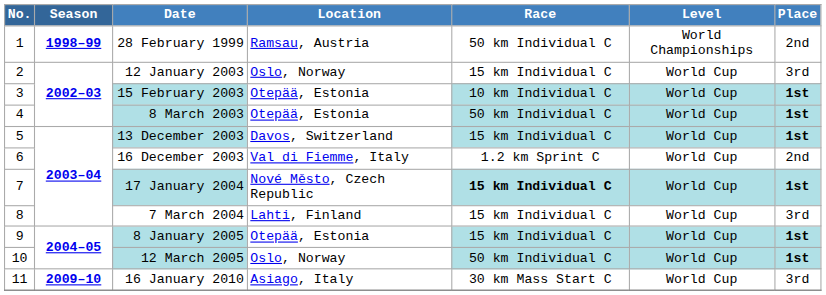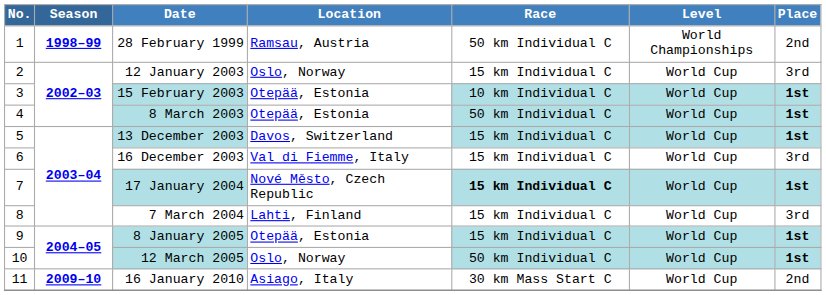 <table class="wikitable sortable" style="font-size:95%; text-align:center; border:grey solid 1px; border-collapse:collapse; background:#ffffff;">
 <tr style="background:#efefef;">
 <th style="background-color:#369; color:white;">No.</th>
 <th style="background-color:#369; color:white;">Season</th>
 <th style="background-color:#4180be; color:white; width:120px;">Date</th>
 <th style="background-color:#4180be; color:white; width:185px;">Location</th>
 <th style="background-color:#4180be; color:white; width:160px;">Race</th>
 <th style="background-color:#4180be; color:white; width:130px;">Level</th>
 <th style="background-color:#4180be; color:white;">Place</th>
 </tr>
 <tr>
 <td align=center>1</td>
 <td rowspan=1 align=center><strong> <a href='#'>1998–99</a> </strong></td>
 <td align=right>28 February 1999</td>
 <td align=left> <a href='#'>Ramsau</a>, Austria</td>
 <td>50 km Individual C</td>
 <td>World Championships</td>
 <td>2nd</td>
 </tr>
 <tr>
 <td align=center>2</td>
 <td rowspan=3 align=center><strong> <a href='#'>2002–03</a> </strong></td>
 <td align=right>12 January 2003</td>
 <td align=left> <a href='#'>Oslo</a>, Norway</td>
 <td>15 km Individual C</td>
 <td>World Cup</td>
 <td>3rd</td>
 </tr>
 <tr>
 <td align=center>3</td>
 <td bgcolor="#BOEOE6" align=right>15 February 2003</td>
 <td align=left> <a href='#'>Otepää</a>, Estonia</td>
 <td bgcolor="#BOEOE6">10 km Individual C</td>
 <td bgcolor="#BOEOE6">World Cup</td>
 <td bgcolor="#BOEOE6"><strong>1st</strong></td>
 </tr>
 <tr>
 <td align=center>4</td>
 <td bgcolor="#BOEOE6" align=right>8 March 2003</td>
 <td align=left> <a href='#'>Otepää</a>, Estonia</td>
 <td bgcolor="#BOEOE6">50 km Individual C</td>
 <td bgcolor="#BOEOE6">World Cup</td>
 <td bgcolor="#BOEOE6"><strong>1st</strong></td>
 </tr>
 <tr>
 <td align=center>5</td>
 <td rowspan=4 align=center><strong><a href='#'>2003–04</a></strong></td>
 <td bgcolor="#BOEOE6" align=right>13 December 2003</td>
 <td align=left> <a href='#'>Davos</a>, Switzerland</td>
 <td bgcolor="#BOEOE6">15 km Individual C</td>
 <td bgcolor="#BOEOE6">World Cup</td>
 <td bgcolor="#BOEOE6"><strong>1st</strong></td>
 </tr>
 <tr>
 <td align=center>6</td>
 <td align=right>16 December 2003</td>
 <td align=left> <a href='#'>Val di Fiemme</a>, Italy</td>
-<td>1.2 km Sprint C</td>
+<td>15 km Individual C</td>
 <td>World Cup</td>
-<td>2nd</td>
+<td>3rd</td>
 </tr>
 <tr>
 <td align=center>7</td>
 <td bgcolor="#BOEOE6" align=right>17 January 2004</td>
 <td align=left> <a href='#'>Nové Město</a>, Czech Republic</td>
 <td bgcolor="#BOEOE6"><strong>15 km Individual C</strong></td>
 <td bgcolor="#BOEOE6">World Cup</td>
 <td bgcolor="#BOEOE6"><strong>1st</strong></td>
 </tr>
 <tr>
 <td align=center>8</td>
 <td align=right>7 March 2004</td>
 <td align="left"> <a href='#'>Lahti</a>, Finland</td>
 <td>15 km Individual C</td>
 <td>World Cup</td>
 <td>3rd</td>
 </tr>
 <tr>
 <td align=center>9</td>
 <td rowspan=2 align=center><strong><a href='#'>2004–05</a></strong></td>
 <td bgcolor="#BOEOE6" align=right>8 January 2005</td>
 <td align=left> <a href='#'>Otepää</a>, Estonia</td>
 <td bgcolor="#BOEOE6">15 km Individual C</td>
 <td bgcolor="#BOEOE6">World Cup</td>
 <td bgcolor="#BOEOE6"><strong>1st</strong></td>
 </tr>
 <tr>
 <td align=center>10</td>
 <td bgcolor="#BOEOE6" align=right>12 March 2005</td>
 <td align=left> <a href='#'>Oslo</a>, Norway</td>
 <td bgcolor="#BOEOE6">50 km Individual C</td>
 <td bgcolor="#BOEOE6">World Cup</td>
 <td bgcolor="#BOEOE6"><strong>1st</strong></td>
 </tr>
 <tr>
 <td align=center>11</td>
 <td rowspan=1 align=center><strong> <a href='#'>2009–10</a> </strong></td>
 <td align=right>16 January 2010</td>
 <td align=left> <a href='#'>Asiago</a>, Italy</td>
 <td>30 km Mass Start C</td>
 <td>World Cup</td>
-<td>3rd</td>
+<td>2nd</td>
 </tr>
 <tr>
 </tr>
 </table>
